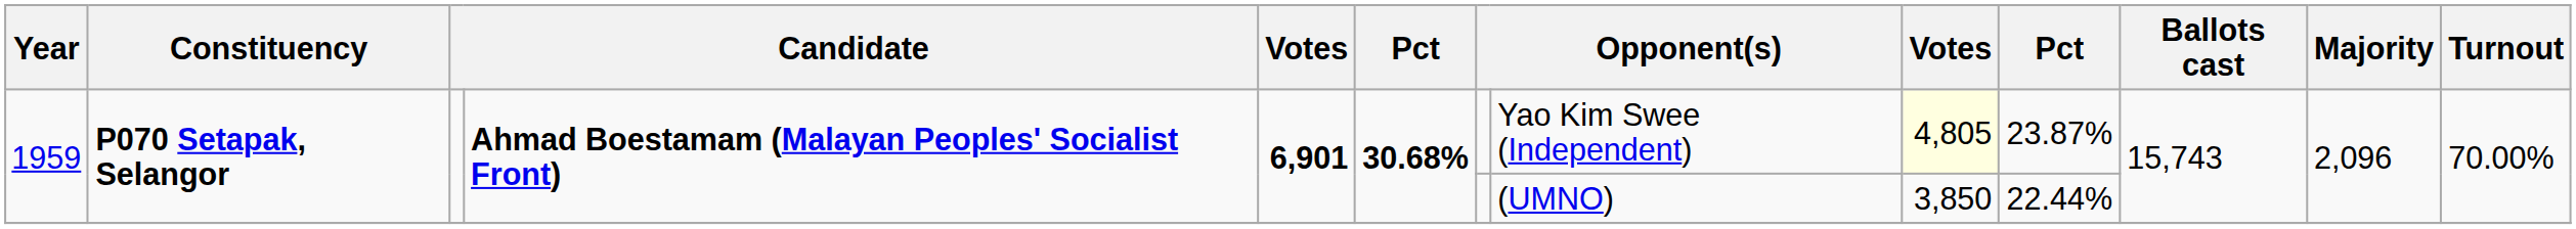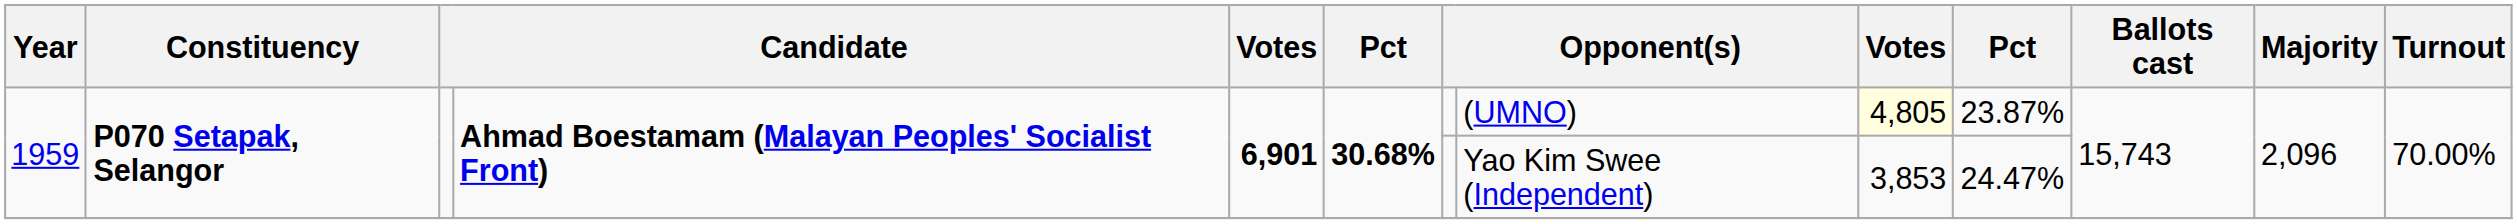 <table class="wikitable" style="margin:0.5em ; font-size:95%">
 <tr>
 <th>Year</th>
 <th>Constituency</th>
 <th colspan=2>Candidate</th>
 <th>Votes</th>
 <th>Pct</th>
 <th colspan=2>Opponent(s)</th>
 <th>Votes</th>
 <th>Pct</th>
 <th>Ballots cast</th>
 <th>Majority</th>
 <th>Turnout</th>
 </tr>
 <tr>
 <td rowspan=2><a href='#'>1959</a></td>
 <td rowspan=2><strong>P070 <a href='#'>Setapak</a>, Selangor</strong></td>
 <td rowspan=2 ></td>
 <td rowspan=2><strong>Ahmad Boestamam (<a href='#'>Malayan Peoples' Socialist Front</a>)</strong></td>
 <td rowspan=2 align=right><strong>6,901</strong></td>
 <td rowspan=2><strong>30.68%</strong></td>
 <td></td>
-<td>Yao Kim Swee (<a href='#'>Independent</a>)</td>
+<td> (<a href='#'>UMNO</a>)</td>
 <td align=right style="background: lightyellow;">4,805</td>
 <td>23.87%</td>
 <td rowspan=2>15,743</td>
 <td rowspan=2>2,096</td>
 <td rowspan=2>70.00%</td>
 </tr>
 <tr>
 <td></td>
-<td> (<a href='#'>UMNO</a>)</td>
-<td align="right">3,850</td>
-<td align=right>22.44%</td>
+<td>Yao Kim Swee (<a href='#'>Independent</a>)</td>
+<td align="right">3,853</td>
+<td align=right>24.47%</td>
 </tr>
 <tr>
 </tr>
 </table>
